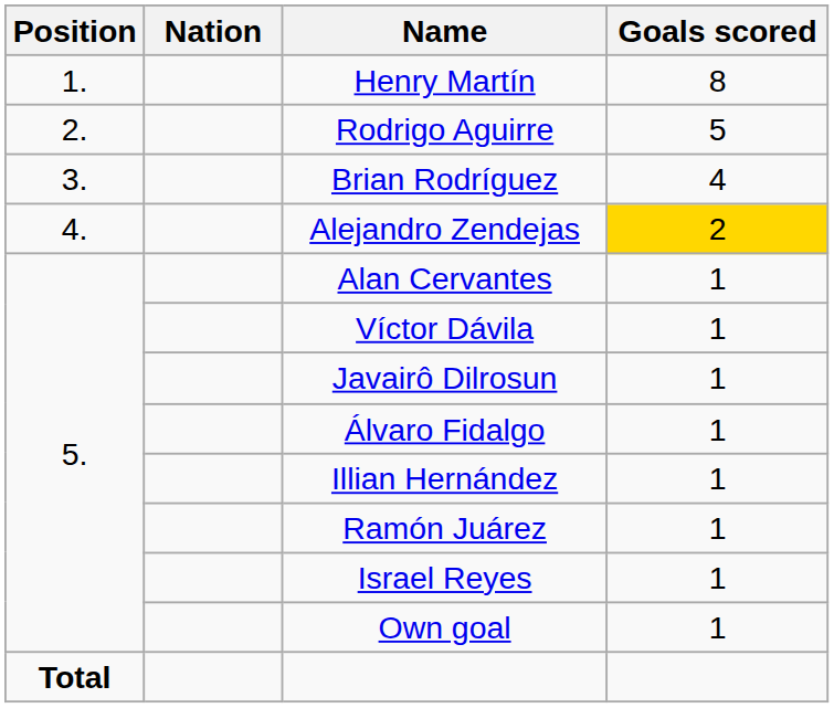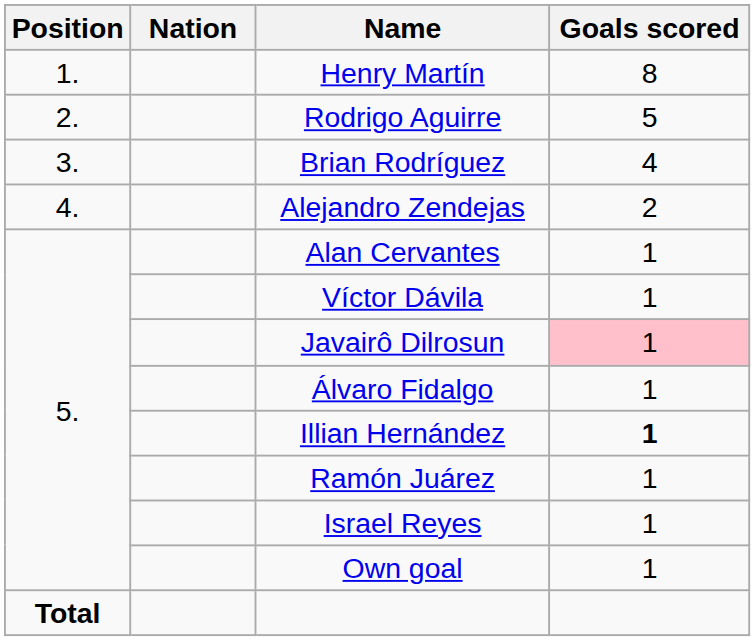 <table class="wikitable" style="font-size: 95%; text-align: center;">
 <tr>
 <th width="60">Position</th>
 <th width="60">Nation</th>
 <th width="150">Name</th>
 <th width="100">Goals scored</th>
 </tr>
 <tr>
 <td>1.</td>
 <td></td>
 <td><a href='#'>Henry Martín</a></td>
 <td>8</td>
 </tr>
 <tr>
 <td>2.</td>
 <td></td>
 <td><a href='#'>Rodrigo Aguirre</a></td>
 <td>5</td>
 </tr>
 <tr>
 <td>3.</td>
 <td></td>
 <td><a href='#'>Brian Rodríguez</a></td>
 <td>4</td>
 </tr>
 <tr>
 <td>4.</td>
 <td></td>
 <td><a href='#'>Alejandro Zendejas</a></td>
-<td style="background: gold;">2</td>
+<td>2</td>
 </tr>
 <tr>
 <td rowspan="8">5.</td>
 <td></td>
 <td><a href='#'>Alan Cervantes</a></td>
 <td>1</td>
 </tr>
 <tr>
 <td></td>
 <td><a href='#'>Víctor Dávila</a></td>
 <td>1</td>
 </tr>
 <tr>
 <td></td>
 <td><a href='#'>Javairô Dilrosun</a></td>
-<td>1</td>
+<td style="background: pink;">1</td>
 </tr>
 <tr>
 <td></td>
 <td><a href='#'>Álvaro Fidalgo</a></td>
 <td>1</td>
 </tr>
 <tr>
 <td></td>
 <td><a href='#'>Illian Hernández</a></td>
-<td>1</td>
+<td><strong>1</strong></td>
 </tr>
 <tr>
 <td></td>
 <td><a href='#'>Ramón Juárez</a></td>
 <td>1</td>
 </tr>
 <tr>
 <td></td>
 <td><a href='#'>Israel Reyes</a></td>
 <td>1</td>
 </tr>
 <tr>
 <td></td>
 <td><a href='#'>Own goal</a></td>
 <td>1</td>
 </tr>
 <tr>
 <td><strong>Total</strong></td>
 <td></td>
 <td></td>
 <td></td>
 </tr>
 </table>
